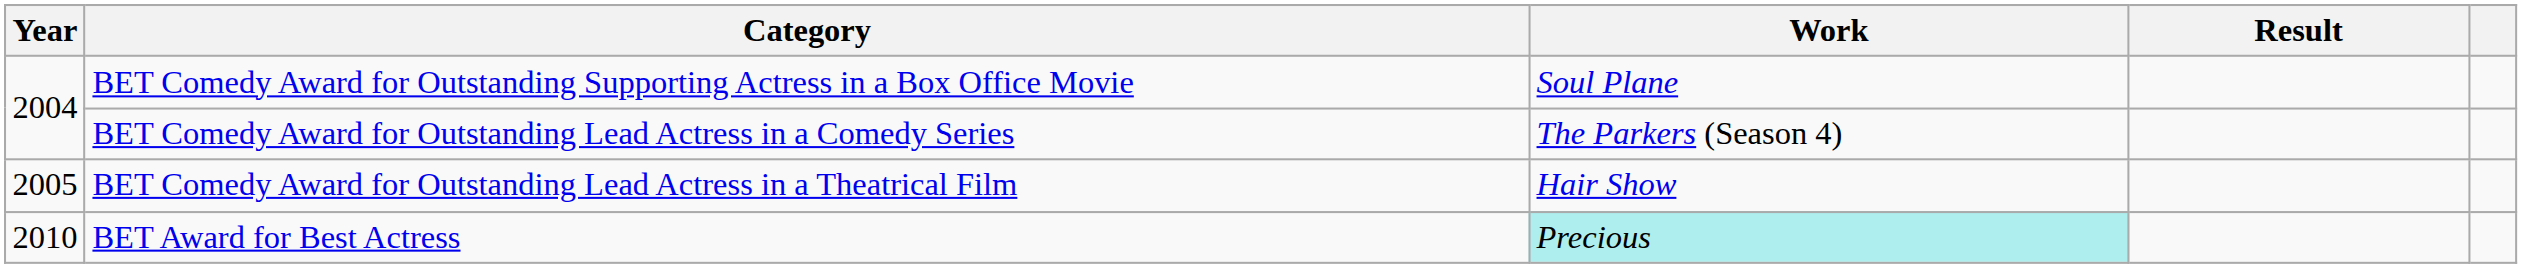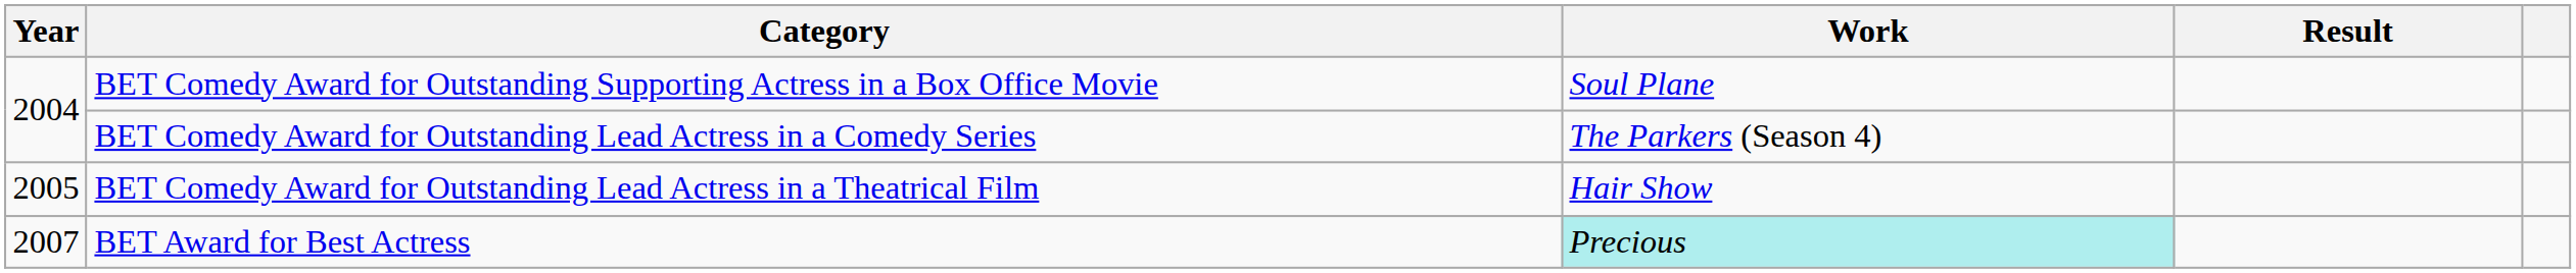 <table class="wikitable">
 <tr>
 <th scope="col" style="width:1em;">Year</th>
 <th scope="col" style="width:44em;">Category</th>
 <th scope="col" style="width:18em;">Work</th>
 <th scope="col" style="width:10em;">Result</th>
 <th class="unsortable" style="width:1em;"></th>
 </tr>
 <tr>
 <td rowspan="2">2004</td>
 <td><a href='#'>BET Comedy Award for Outstanding Supporting Actress in a Box Office Movie</a> </td>
 <td><em><a href='#'>Soul Plane</a></em></td>
 <td></td>
 <td></td>
 </tr>
 <tr>
 <td><a href='#'>BET Comedy Award for Outstanding Lead Actress in a Comedy Series</a> </td>
 <td><em><a href='#'>The Parkers</a></em> (Season 4)</td>
 <td></td>
 <td></td>
 </tr>
 <tr>
 <td>2005</td>
 <td><a href='#'>BET Comedy Award for Outstanding Lead Actress in a Theatrical Film</a> </td>
 <td><em><a href='#'>Hair Show</a></em></td>
 <td></td>
 <td></td>
 </tr>
 <tr>
-<td>2010</td>
+<td>2007</td>
 <td><a href='#'>BET Award for Best Actress</a></td>
 <td style="background: paleturquoise;"><em>Precious</em></td>
 <td></td>
 <td></td>
 </tr>
 </table>
